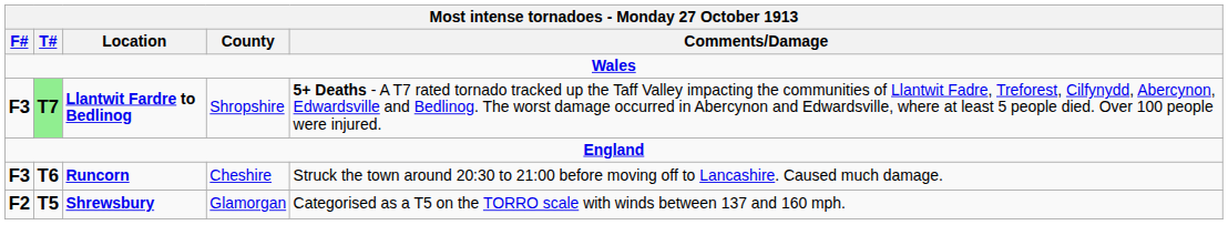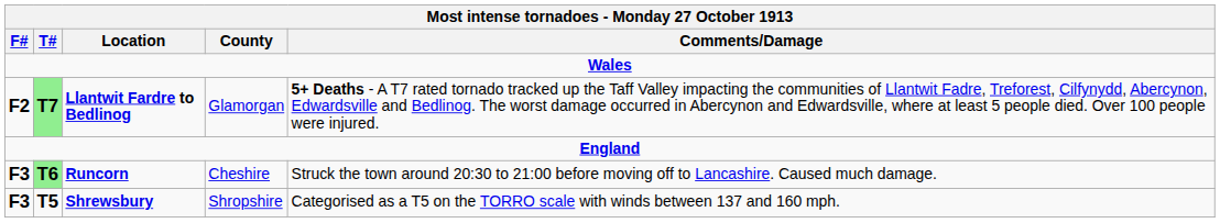 <table class="wikitable collapsible" width="100%">
 <tr>
 <th colspan="8">Most intense tornadoes - Monday 27 October 1913</th>
 </tr>
 <tr>
 <th><a href='#'>F#</a></th>
 <th><a href='#'>T#</a></th>
 <th>Location</th>
 <th>County</th>
 <th>Comments/Damage</th>
 </tr>
 <tr>
 <td colspan="5" align=center><strong><a href='#'>Wales</a></strong></td>
 </tr>
 <tr>
-<td><big><strong>F3</strong></big></td>
+<td><big><strong>F2</strong></big></td>
 <td style="background: lightgreen;"><big><strong>T7</strong></big></td>
 <td><strong><a href='#'>Llantwit Fardre</a> to <a href='#'>Bedlinog</a></strong></td>
-<td><a href='#'>Shropshire</a></td>
+<td><a href='#'>Glamorgan</a></td>
 <td><strong>5+ Deaths</strong> -  A T7 rated tornado tracked up the Taff Valley impacting the communities of <a href='#'>Llantwit Fadre</a>, <a href='#'>Treforest</a>, <a href='#'>Cilfynydd</a>, <a href='#'>Abercynon</a>, <a href='#'>Edwardsville</a> and <a href='#'>Bedlinog</a>. The worst damage occurred in Abercynon and Edwardsville, where at least 5 people died. Over 100 people were injured.</td>
 </tr>
 <tr>
 <td colspan="5" align=center><strong><a href='#'>England</a></strong></td>
 </tr>
 <tr>
 <td><big><strong>F3</strong></big></td>
-<td><big><strong>T6</strong></big></td>
+<td style="background: lightgreen;"><big><strong>T6</strong></big></td>
 <td><strong><a href='#'>Runcorn</a></strong></td>
 <td><a href='#'>Cheshire</a></td>
 <td>Struck the town around 20:30 to 21:00 before moving off to <a href='#'>Lancashire</a>. Caused much damage.</td>
 </tr>
 <tr>
-<td><big><strong>F2</strong></big></td>
+<td><big><strong>F3</strong></big></td>
 <td><big><strong>T5</strong></big></td>
 <td><strong><a href='#'>Shrewsbury</a></strong></td>
-<td><a href='#'>Glamorgan</a></td>
+<td><a href='#'>Shropshire</a></td>
 <td>Categorised as a T5 on the <a href='#'>TORRO scale</a> with winds between 137 and 160 mph.</td>
 </tr>
 </table>
